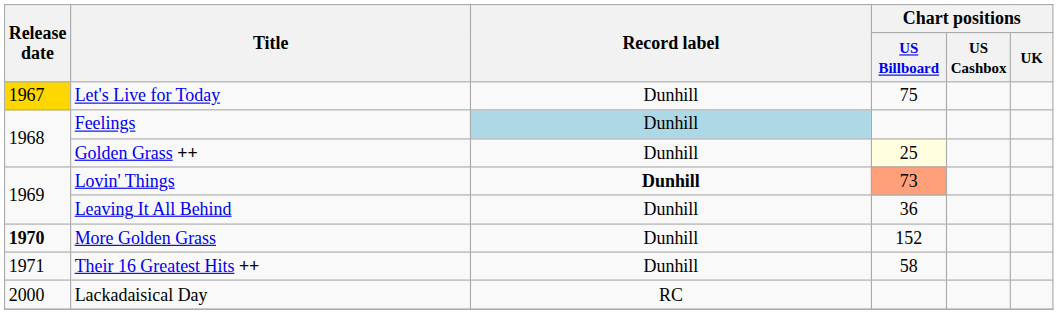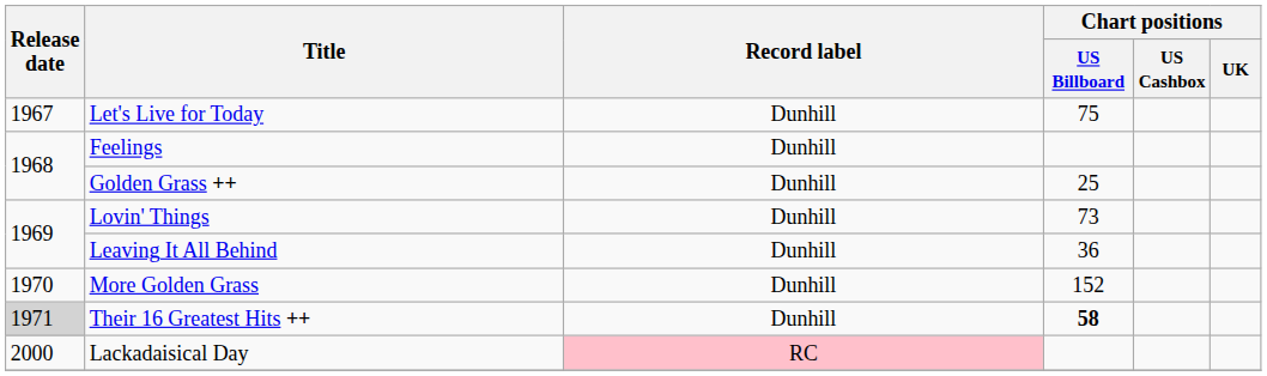 <table class="wikitable">
 <tr>
 <th width="20" rowspan="2">Release date</th>
 <th width="350" rowspan="2">Title</th>
 <th width="350" rowspan="2">Record label</th>
 <th colspan="4">Chart positions</th>
 </tr>
 <tr>
 <th width="60"><small><a href='#'>US Billboard</a></small></th>
 <th width="50"><small> US Cashbox </small></th>
 <th width="30"><small>UK</small></th>
 </tr>
 <tr>
-<td rowspan="1" style="background: gold;">1967</td>
+<td rowspan="1">1967</td>
 <td><a href='#'>Let's Live for Today</a></td>
 <td align="center">Dunhill</td>
 <td align="center">75</td>
 <td align="center"></td>
 <td align="center"></td>
 </tr>
 <tr>
 <td rowspan="2">1968</td>
 <td><a href='#'>Feelings</a></td>
-<td align="center" style="background: lightblue;">Dunhill</td>
+<td align="center">Dunhill</td>
 <td align="center"></td>
 <td align="center"></td>
 <td align="center"></td>
 </tr>
 <tr>
 <td><a href='#'>Golden Grass</a> <strong>++</strong></td>
 <td align="center">Dunhill</td>
-<td align="center" style="background: lightyellow;">25</td>
+<td align="center">25</td>
 <td align="center"></td>
 <td align="center"></td>
 </tr>
 <tr>
 <td rowspan="2">1969</td>
 <td><a href='#'>Lovin' Things</a></td>
-<td align="center"><strong>Dunhill</strong></td>
-<td align="center" style="background: lightsalmon;">73</td>
+<td align="center">Dunhill</td>
+<td align="center">73</td>
 <td align="center"></td>
 <td align="center"></td>
 </tr>
 <tr>
 <td><a href='#'>Leaving It All Behind</a></td>
 <td align="center">Dunhill</td>
 <td align="center">36</td>
 <td align="center"></td>
 <td align="center"></td>
 </tr>
 <tr>
-<td rowspan="1"><strong>1970</strong></td>
+<td rowspan="1">1970</td>
 <td><a href='#'>More Golden Grass</a></td>
 <td align="center">Dunhill</td>
 <td align="center">152</td>
 <td align="center"></td>
 <td align="center"></td>
 </tr>
 <tr>
-<td rowspan="1">1971</td>
+<td rowspan="1" style="background: lightgrey;">1971</td>
 <td><a href='#'>Their 16 Greatest Hits</a> <strong>++</strong></td>
 <td align="center">Dunhill</td>
-<td align="center">58</td>
+<td align="center"><strong>58</strong></td>
 <td align="center"></td>
 <td align="center"></td>
 </tr>
 <tr>
 <td rowspan="1">2000</td>
 <td>Lackadaisical Day</td>
-<td align="center">RC</td>
+<td align="center" style="background: pink;">RC</td>
 <td align="center"></td>
 <td align="center"></td>
 <td align="center"></td>
 </tr>
 <tr>
 </tr>
 </table>
